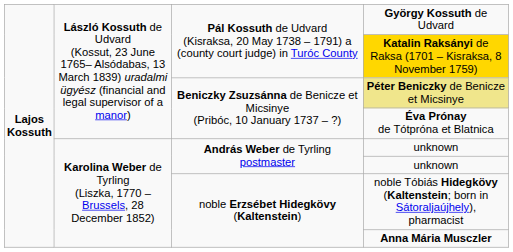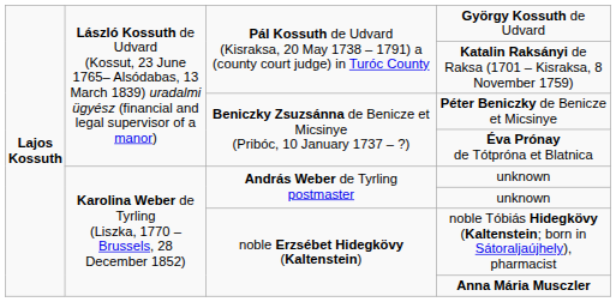 <table class="wikitable sortable mw-collapsible">
 <tr>
 <td rowspan="8" align="center" style="width: 30pt;"><strong>Lajos Kossuth</strong></td>
 <td rowspan="4" align="center" style="width: 120pt;"><strong>László Kossuth</strong> de Udvard<br>(Kossut, 23 June 1765– Alsódabas, 13 March 1839)  <em>uradalmi ügyész</em> (financial and legal supervisor of a <a href='#'>manor</a>)</td>
 <td rowspan="2" align="center" style="width: 200pt;"><strong>Pál Kossuth</strong> de Udvard<br>(Kisraksa, 20 May 1738 – 1791) a  (county court judge)  in <a href='#'>Turóc County</a></td>
 <td align="center" style="width: 150pt;"><strong>György Kossuth</strong> de Udvard</td>
 </tr>
 <tr>
-<td align="center" style="background: gold;"><strong>Katalin Raksányi</strong> de Raksa (1701 – Kisraksa, 8 November 1759)</td>
+<td align="center"><strong>Katalin Raksányi</strong> de Raksa (1701 – Kisraksa, 8 November 1759)</td>
 </tr>
 <tr>
 <td rowspan="2" align="center"><strong>Beniczky Zsuzsánna</strong> de Benicze et Micsinye<br>(Pribóc, 10 January 1737 – ?)</td>
-<td align="center" style="background: khaki;"><strong>Péter Beniczky</strong> de Benicze et Micsinye</td>
+<td align="center"><strong>Péter Beniczky</strong> de Benicze et Micsinye</td>
 </tr>
 <tr>
 <td align="center"><strong>Éva Prónay</strong><br>de Tótpróna et Blatnica</td>
 </tr>
 <tr>
 <td rowspan="4" align="center"><strong>Karolina Weber</strong> de Tyrling<br>(Liszka, 1770 – <a href='#'>Brussels</a>, 28 December 1852)</td>
 <td rowspan="2" align="center"><strong>András Weber</strong> de Tyrling<br><a href='#'>postmaster</a></td>
 <td align="center">unknown</td>
 </tr>
 <tr>
 <td align="center">unknown</td>
 </tr>
 <tr>
 <td rowspan="2" align="center">noble <strong>Erzsébet Hidegkövy</strong> (<strong>Kaltenstein</strong>)</td>
 <td align="center">noble Tóbiás <strong>Hidegkövy</strong> (<strong>Kaltenstein</strong>; born in <a href='#'>Sátoraljaújhely</a>),<br>pharmacist</td>
 </tr>
 <tr>
 <td align="center"><strong>Anna Mária Musczler</strong></td>
 </tr>
 </table>
